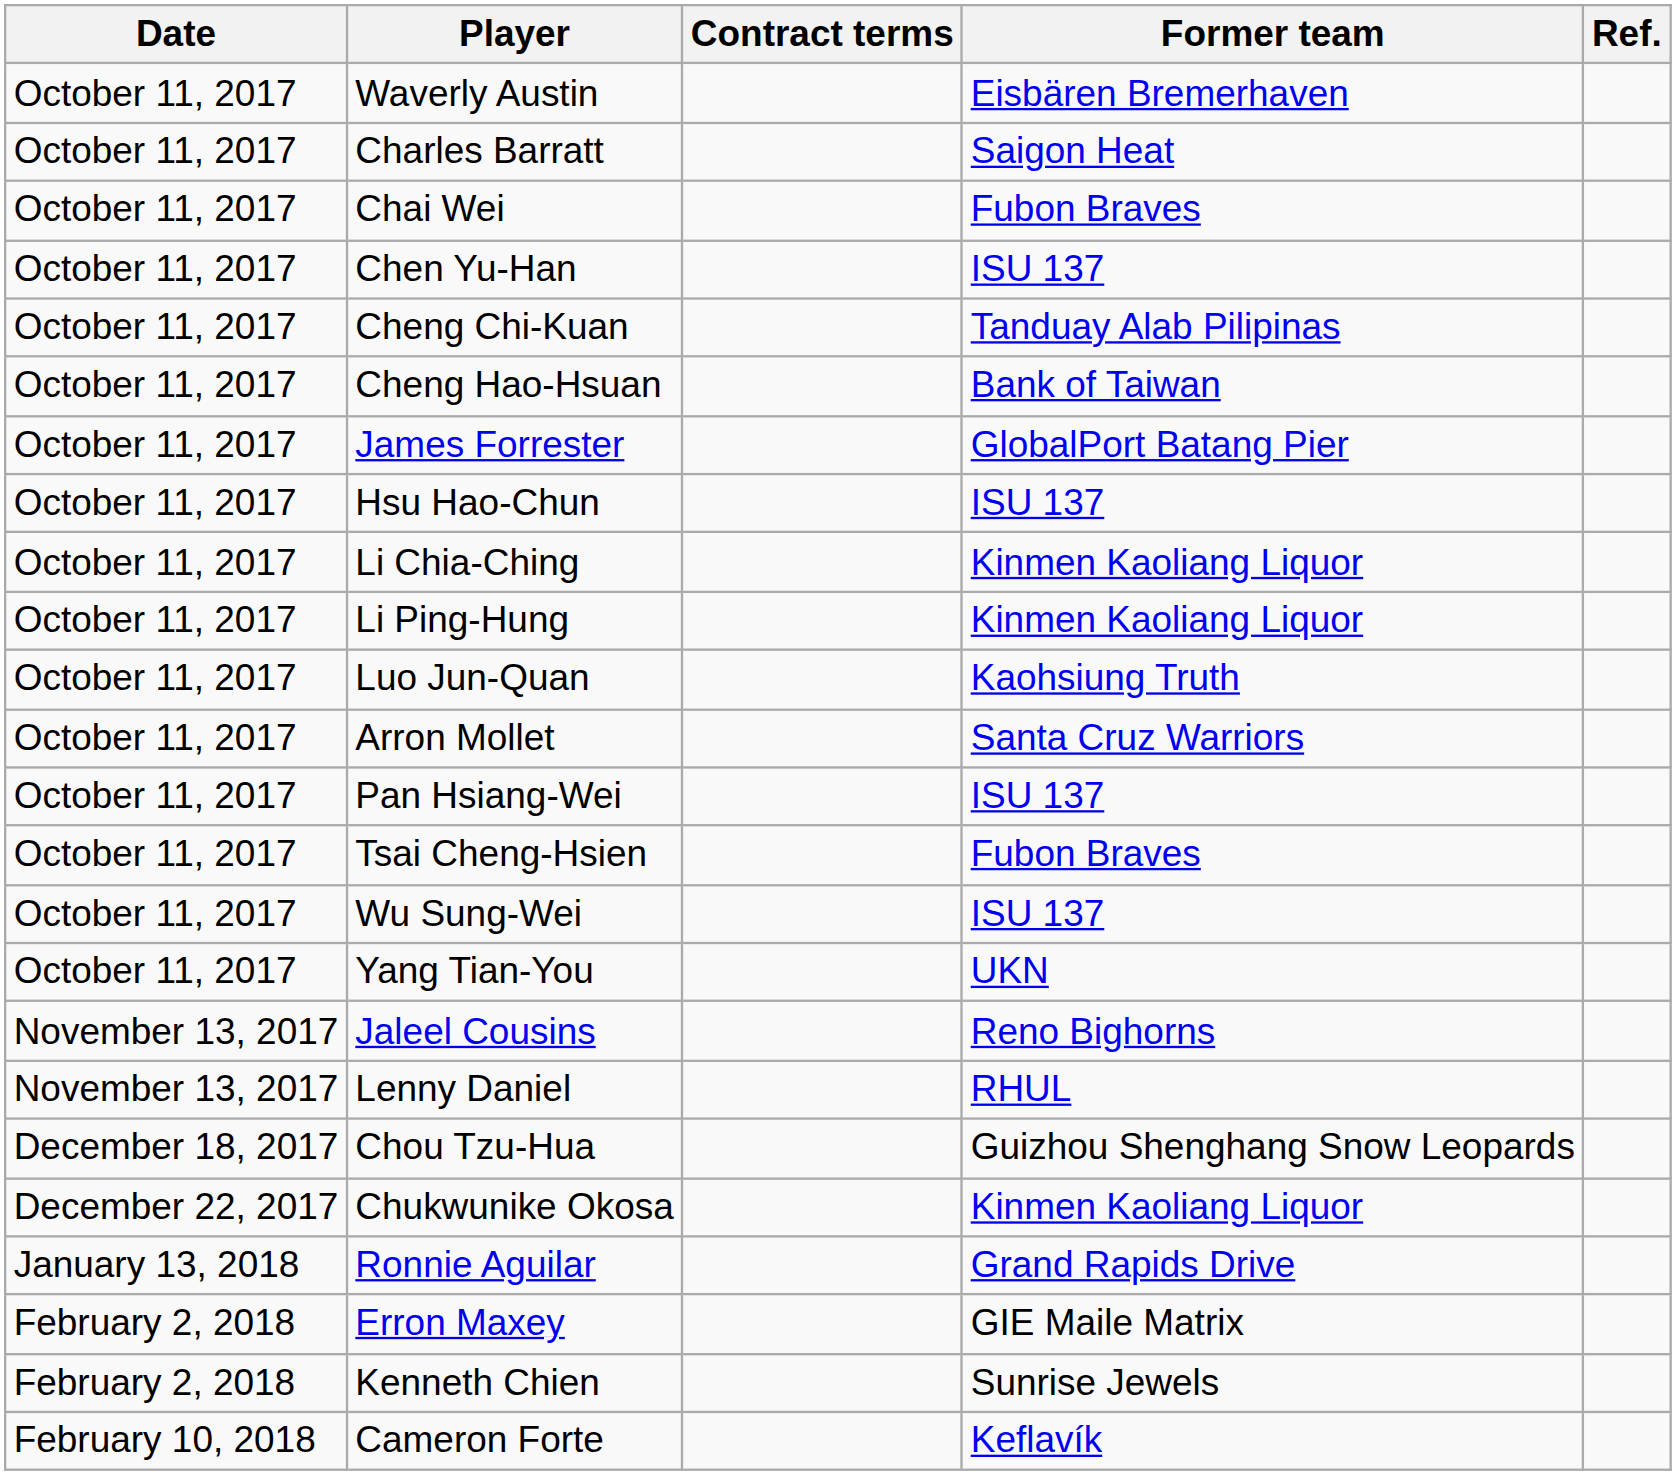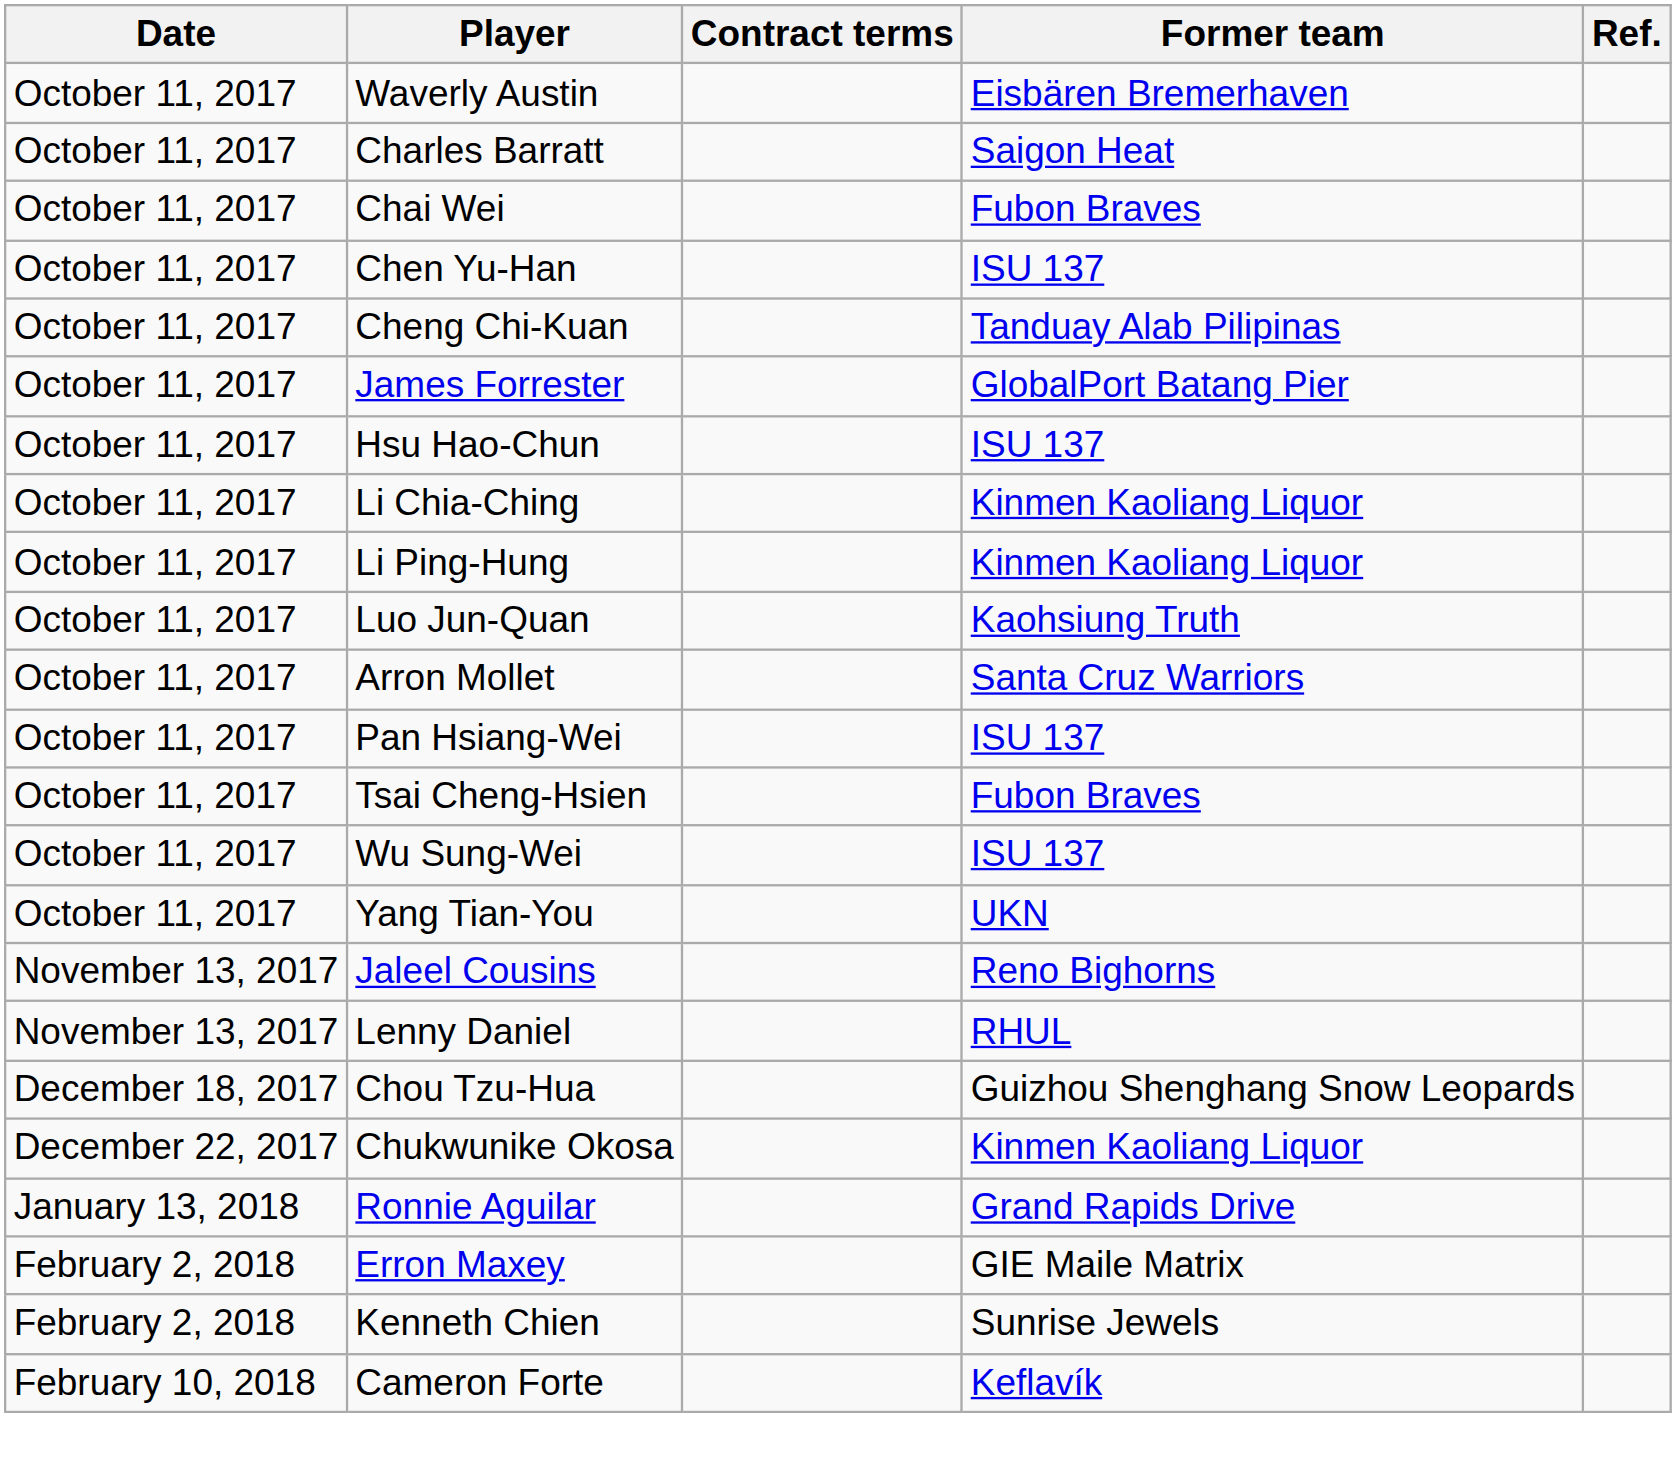 <table class="wikitable sortable sortable" style="text-align: left">
 <tr>
 <th>Date</th>
 <th>Player</th>
 <th>Contract terms</th>
 <th>Former team</th>
 <th>Ref.</th>
 </tr>
 <tr>
 <td>October 11, 2017</td>
 <td>Waverly Austin</td>
 <td></td>
 <td><a href='#'>Eisbären Bremerhaven</a></td>
 <td></td>
 </tr>
 <tr>
 <td>October 11, 2017</td>
 <td>Charles Barratt</td>
 <td></td>
 <td><a href='#'>Saigon Heat</a></td>
 <td></td>
 </tr>
 <tr>
 <td>October 11, 2017</td>
 <td>Chai Wei</td>
 <td></td>
 <td><a href='#'>Fubon Braves</a></td>
 <td></td>
 </tr>
 <tr>
 <td>October 11, 2017</td>
 <td>Chen Yu-Han</td>
 <td></td>
 <td><a href='#'>ISU 137</a></td>
 <td></td>
 </tr>
 <tr>
 <td>October 11, 2017</td>
 <td>Cheng Chi-Kuan</td>
 <td></td>
 <td><a href='#'>Tanduay Alab Pilipinas</a></td>
-<td></td>
-</tr>
-<tr>
-<td>October 11, 2017</td>
-<td>Cheng Hao-Hsuan</td>
-<td></td>
-<td><a href='#'>Bank of Taiwan</a></td>
 <td></td>
 </tr>
 <tr>
 <td>October 11, 2017</td>
 <td><a href='#'>James Forrester</a></td>
 <td></td>
 <td><a href='#'>GlobalPort Batang Pier</a></td>
 <td></td>
 </tr>
 <tr>
 <td>October 11, 2017</td>
 <td>Hsu Hao-Chun</td>
 <td></td>
 <td><a href='#'>ISU 137</a></td>
 <td></td>
 </tr>
 <tr>
 <td>October 11, 2017</td>
 <td>Li Chia-Ching</td>
 <td></td>
 <td><a href='#'>Kinmen Kaoliang Liquor</a></td>
 <td></td>
 </tr>
 <tr>
 <td>October 11, 2017</td>
 <td>Li Ping-Hung</td>
 <td></td>
 <td><a href='#'>Kinmen Kaoliang Liquor</a></td>
 <td></td>
 </tr>
 <tr>
 <td>October 11, 2017</td>
 <td>Luo Jun-Quan</td>
 <td></td>
 <td><a href='#'>Kaohsiung Truth</a></td>
 <td></td>
 </tr>
 <tr>
 <td>October 11, 2017</td>
 <td>Arron Mollet</td>
 <td></td>
 <td><a href='#'>Santa Cruz Warriors</a></td>
 <td></td>
 </tr>
 <tr>
 <td>October 11, 2017</td>
 <td>Pan Hsiang-Wei</td>
 <td></td>
 <td><a href='#'>ISU 137</a></td>
 <td></td>
 </tr>
 <tr>
 <td>October 11, 2017</td>
 <td>Tsai Cheng-Hsien</td>
 <td></td>
 <td><a href='#'>Fubon Braves</a></td>
 <td></td>
 </tr>
 <tr>
 <td>October 11, 2017</td>
 <td>Wu Sung-Wei</td>
 <td></td>
 <td><a href='#'>ISU 137</a></td>
 <td></td>
 </tr>
 <tr>
 <td>October 11, 2017</td>
 <td>Yang Tian-You</td>
 <td></td>
 <td><a href='#'>UKN</a></td>
 <td></td>
 </tr>
 <tr>
 <td>November 13, 2017</td>
 <td><a href='#'>Jaleel Cousins</a></td>
 <td></td>
 <td><a href='#'>Reno Bighorns</a></td>
 <td></td>
 </tr>
 <tr>
 <td>November 13, 2017</td>
 <td>Lenny Daniel</td>
 <td></td>
 <td><a href='#'>RHUL</a></td>
 <td></td>
 </tr>
 <tr>
 <td>December 18, 2017</td>
 <td>Chou Tzu-Hua</td>
 <td></td>
 <td>Guizhou Shenghang Snow Leopards</td>
 <td></td>
 </tr>
 <tr>
 <td>December 22, 2017</td>
 <td>Chukwunike Okosa</td>
 <td></td>
 <td><a href='#'>Kinmen Kaoliang Liquor</a></td>
 <td></td>
 </tr>
 <tr>
 <td>January 13, 2018</td>
 <td><a href='#'>Ronnie Aguilar</a></td>
 <td></td>
 <td><a href='#'>Grand Rapids Drive</a></td>
 <td></td>
 </tr>
 <tr>
 <td>February 2, 2018</td>
 <td><a href='#'>Erron Maxey</a></td>
 <td></td>
 <td>GIE Maile Matrix</td>
 <td></td>
 </tr>
 <tr>
 <td>February 2, 2018</td>
 <td>Kenneth Chien</td>
 <td></td>
 <td>Sunrise Jewels</td>
 <td></td>
 </tr>
 <tr>
 <td>February 10, 2018</td>
 <td>Cameron Forte</td>
 <td></td>
 <td><a href='#'>Keflavík</a></td>
 <td></td>
 </tr>
 </table>
